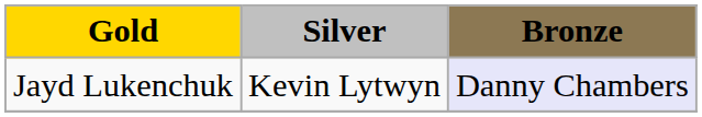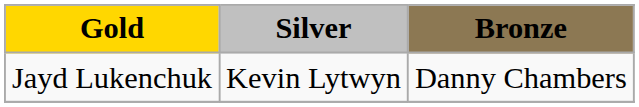 <table class="wikitable">
 <tr>
 <th style="background-color:#FFD700">Gold</th>
 <th style="background-color:#C0C0C0">Silver</th>
 <th style="background-color:#8C7853">Bronze</th>
 </tr>
 <tr>
 <td> Jayd Lukenchuk</td>
 <td> Kevin Lytwyn</td>
-<td style="background: lavender;"> Danny Chambers</td>
+<td> Danny Chambers</td>
 </tr>
 <tr>
 </tr>
 </table>
